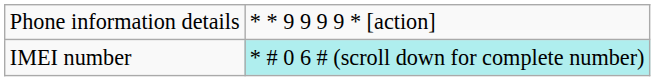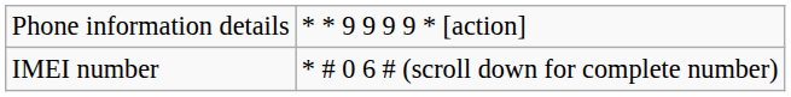 <table class="wikitable">
 <tr>
 <td>Phone information details</td>
 <td>* * 9 9 9 9 * [action]</td>
 </tr>
 <tr>
 <td>IMEI number</td>
-<td style="background: paleturquoise;">* # 0 6 # (scroll down for complete number)</td>
+<td>* # 0 6 # (scroll down for complete number)</td>
 </tr>
 </table>
